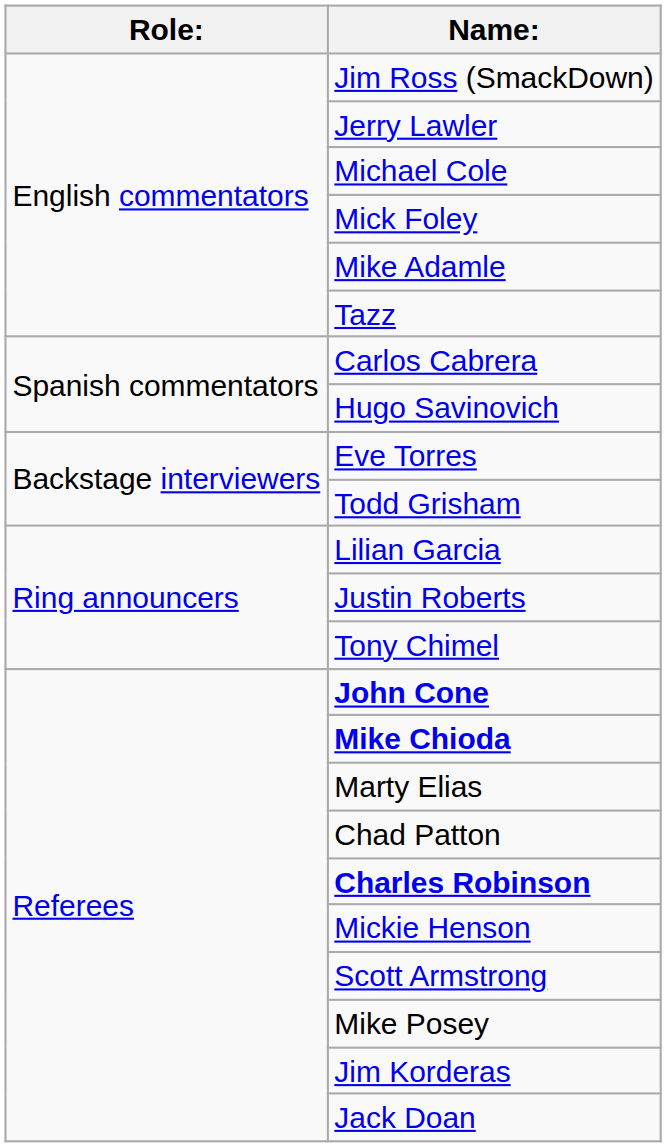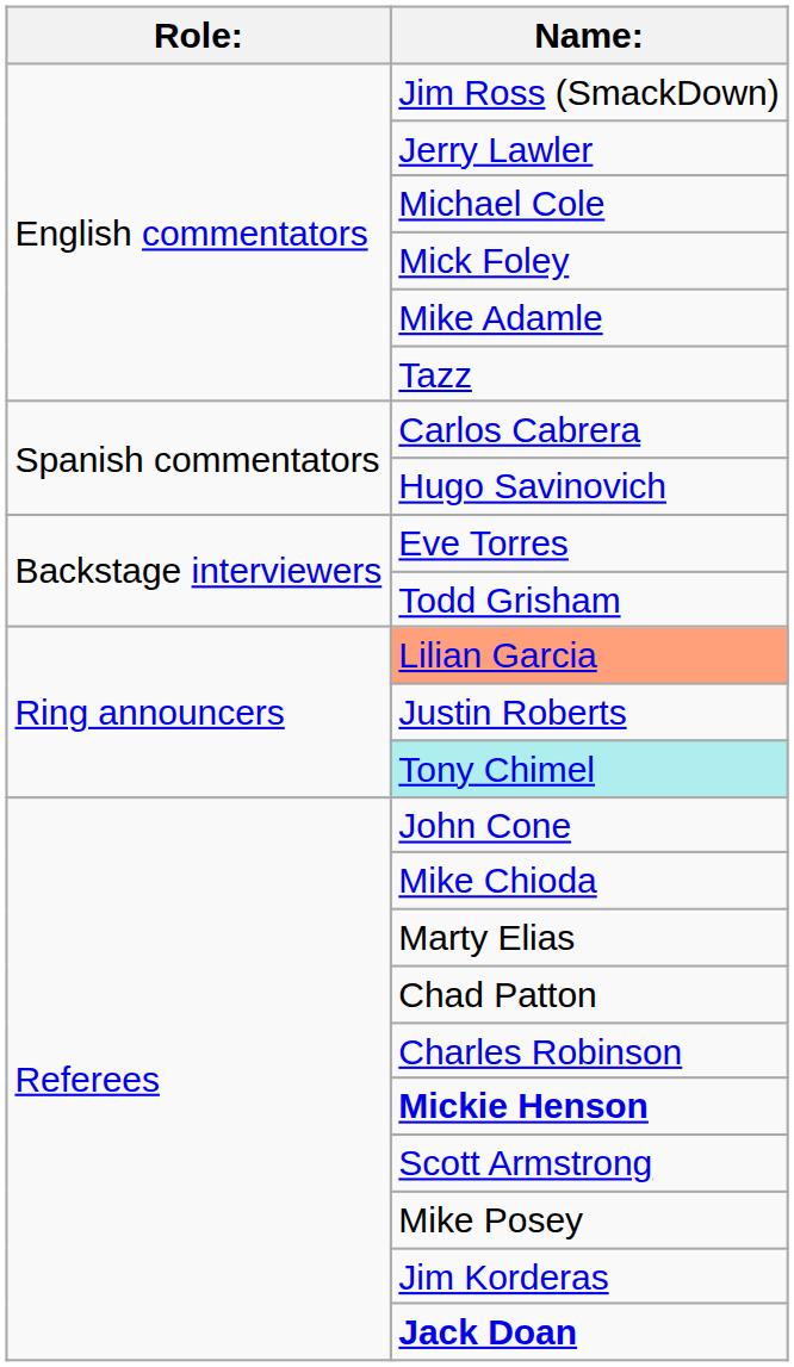 <table class=wikitable style="font-size:90%; margin: 0.5em 0 0.5em 1em; float: right; clear: right;">
 <tr>
 <th>Role:</th>
 <th>Name:</th>
 </tr>
 <tr>
 <td rowspan=6>English <a href='#'>commentators</a></td>
 <td><a href='#'>Jim Ross</a> (SmackDown)</td>
 </tr>
 <tr>
 <td><a href='#'>Jerry Lawler</a> </td>
 </tr>
 <tr>
 <td><a href='#'>Michael Cole</a> </td>
 </tr>
 <tr>
 <td><a href='#'>Mick Foley</a> </td>
 </tr>
 <tr>
 <td><a href='#'>Mike Adamle</a> </td>
 </tr>
 <tr>
 <td><a href='#'>Tazz</a> </td>
 </tr>
 <tr>
 <td rowspan=2>Spanish commentators</td>
 <td><a href='#'>Carlos Cabrera</a></td>
 </tr>
 <tr>
 <td><a href='#'>Hugo Savinovich</a></td>
 </tr>
 <tr>
 <td rowspan=2>Backstage <a href='#'>interviewers</a></td>
 <td><a href='#'>Eve Torres</a></td>
 </tr>
 <tr>
 <td><a href='#'>Todd Grisham</a></td>
 </tr>
 <tr>
 <td rowspan=3><a href='#'>Ring announcers</a></td>
-<td><a href='#'>Lilian Garcia</a> </td>
+<td style="background: lightsalmon;"><a href='#'>Lilian Garcia</a> </td>
 </tr>
 <tr>
 <td><a href='#'>Justin Roberts</a> </td>
 </tr>
 <tr>
-<td><a href='#'>Tony Chimel</a> </td>
+<td style="background: paleturquoise;"><a href='#'>Tony Chimel</a> </td>
 </tr>
 <tr>
 <td rowspan=10><a href='#'>Referees</a></td>
-<td><strong><a href='#'>John Cone</a></strong></td>
+<td><a href='#'>John Cone</a></td>
 </tr>
 <tr>
-<td><strong><a href='#'>Mike Chioda</a></strong></td>
+<td><a href='#'>Mike Chioda</a></td>
 </tr>
 <tr>
 <td>Marty Elias</td>
 </tr>
 <tr>
 <td>Chad Patton</td>
 </tr>
 <tr>
-<td><strong><a href='#'>Charles Robinson</a></strong></td>
+<td><a href='#'>Charles Robinson</a></td>
 </tr>
 <tr>
-<td><a href='#'>Mickie Henson</a></td>
+<td><strong><a href='#'>Mickie Henson</a></strong></td>
 </tr>
 <tr>
 <td><a href='#'>Scott Armstrong</a></td>
 </tr>
 <tr>
 <td>Mike Posey</td>
 </tr>
 <tr>
 <td><a href='#'>Jim Korderas</a></td>
 </tr>
 <tr>
-<td><a href='#'>Jack Doan</a></td>
+<td><strong><a href='#'>Jack Doan</a></strong></td>
 </tr>
 </table>
